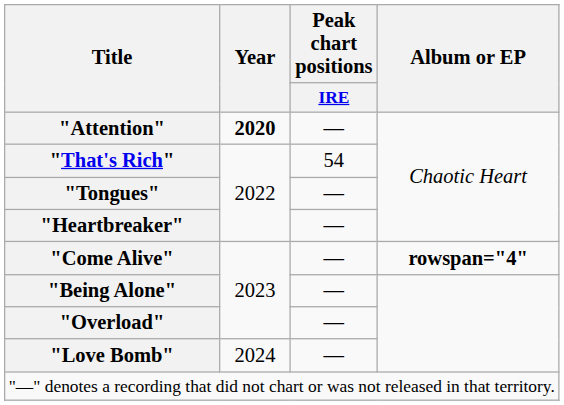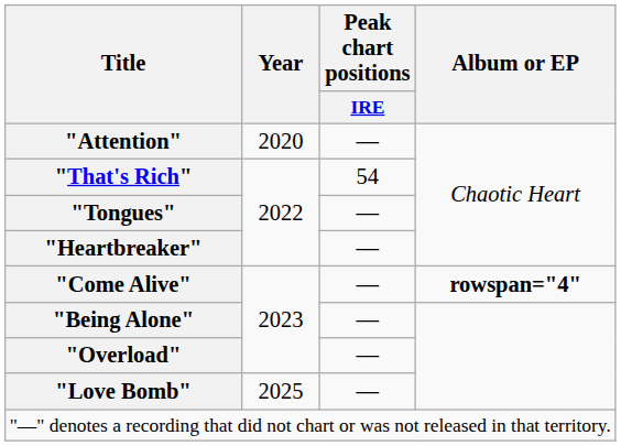 <table class="wikitable plainrowheaders" style="text-align:center;">
 <tr>
 <th scope="col" rowspan="2">Title</th>
 <th scope="col" rowspan="2">Year</th>
 <th scope="col" colspan="1">Peak chart positions</th>
 <th scope="col" rowspan="2">Album or EP</th>
 </tr>
 <tr>
 <th style="width:3em;font-size:85%"><a href='#'>IRE</a><br></th>
 </tr>
 <tr>
 <th scope="row">"Attention"</th>
-<td><strong>2020</strong></td>
+<td>2020</td>
 <td>—</td>
 <td rowspan="4"><em>Chaotic Heart</em></td>
 </tr>
 <tr>
 <th scope="row">"<a href='#'>That's Rich</a>"</th>
 <td rowspan="3">2022</td>
 <td>54</td>
 </tr>
 <tr>
 <th scope="row">"Tongues"</th>
 <td>—</td>
 </tr>
 <tr>
 <th scope="row">"Heartbreaker"</th>
 <td>—</td>
 </tr>
 <tr>
 <th scope="row">"Come Alive"</th>
 <td rowspan="3">2023</td>
 <td>—</td>
 <td><strong>rowspan="4" </strong></td>
 </tr>
 <tr>
 <th scope="row">"Being Alone"</th>
 <td>—</td>
 </tr>
 <tr>
 <th scope="row">"Overload"</th>
 <td>—</td>
 </tr>
 <tr>
 <th scope="row">"Love Bomb"</th>
-<td>2024</td>
+<td>2025</td>
 <td>—</td>
 </tr>
 <tr>
 <td colspan="4" style="font-size:85%;">"—" denotes a recording that did not chart or was not released in that territory.</td>
 </tr>
 </table>
